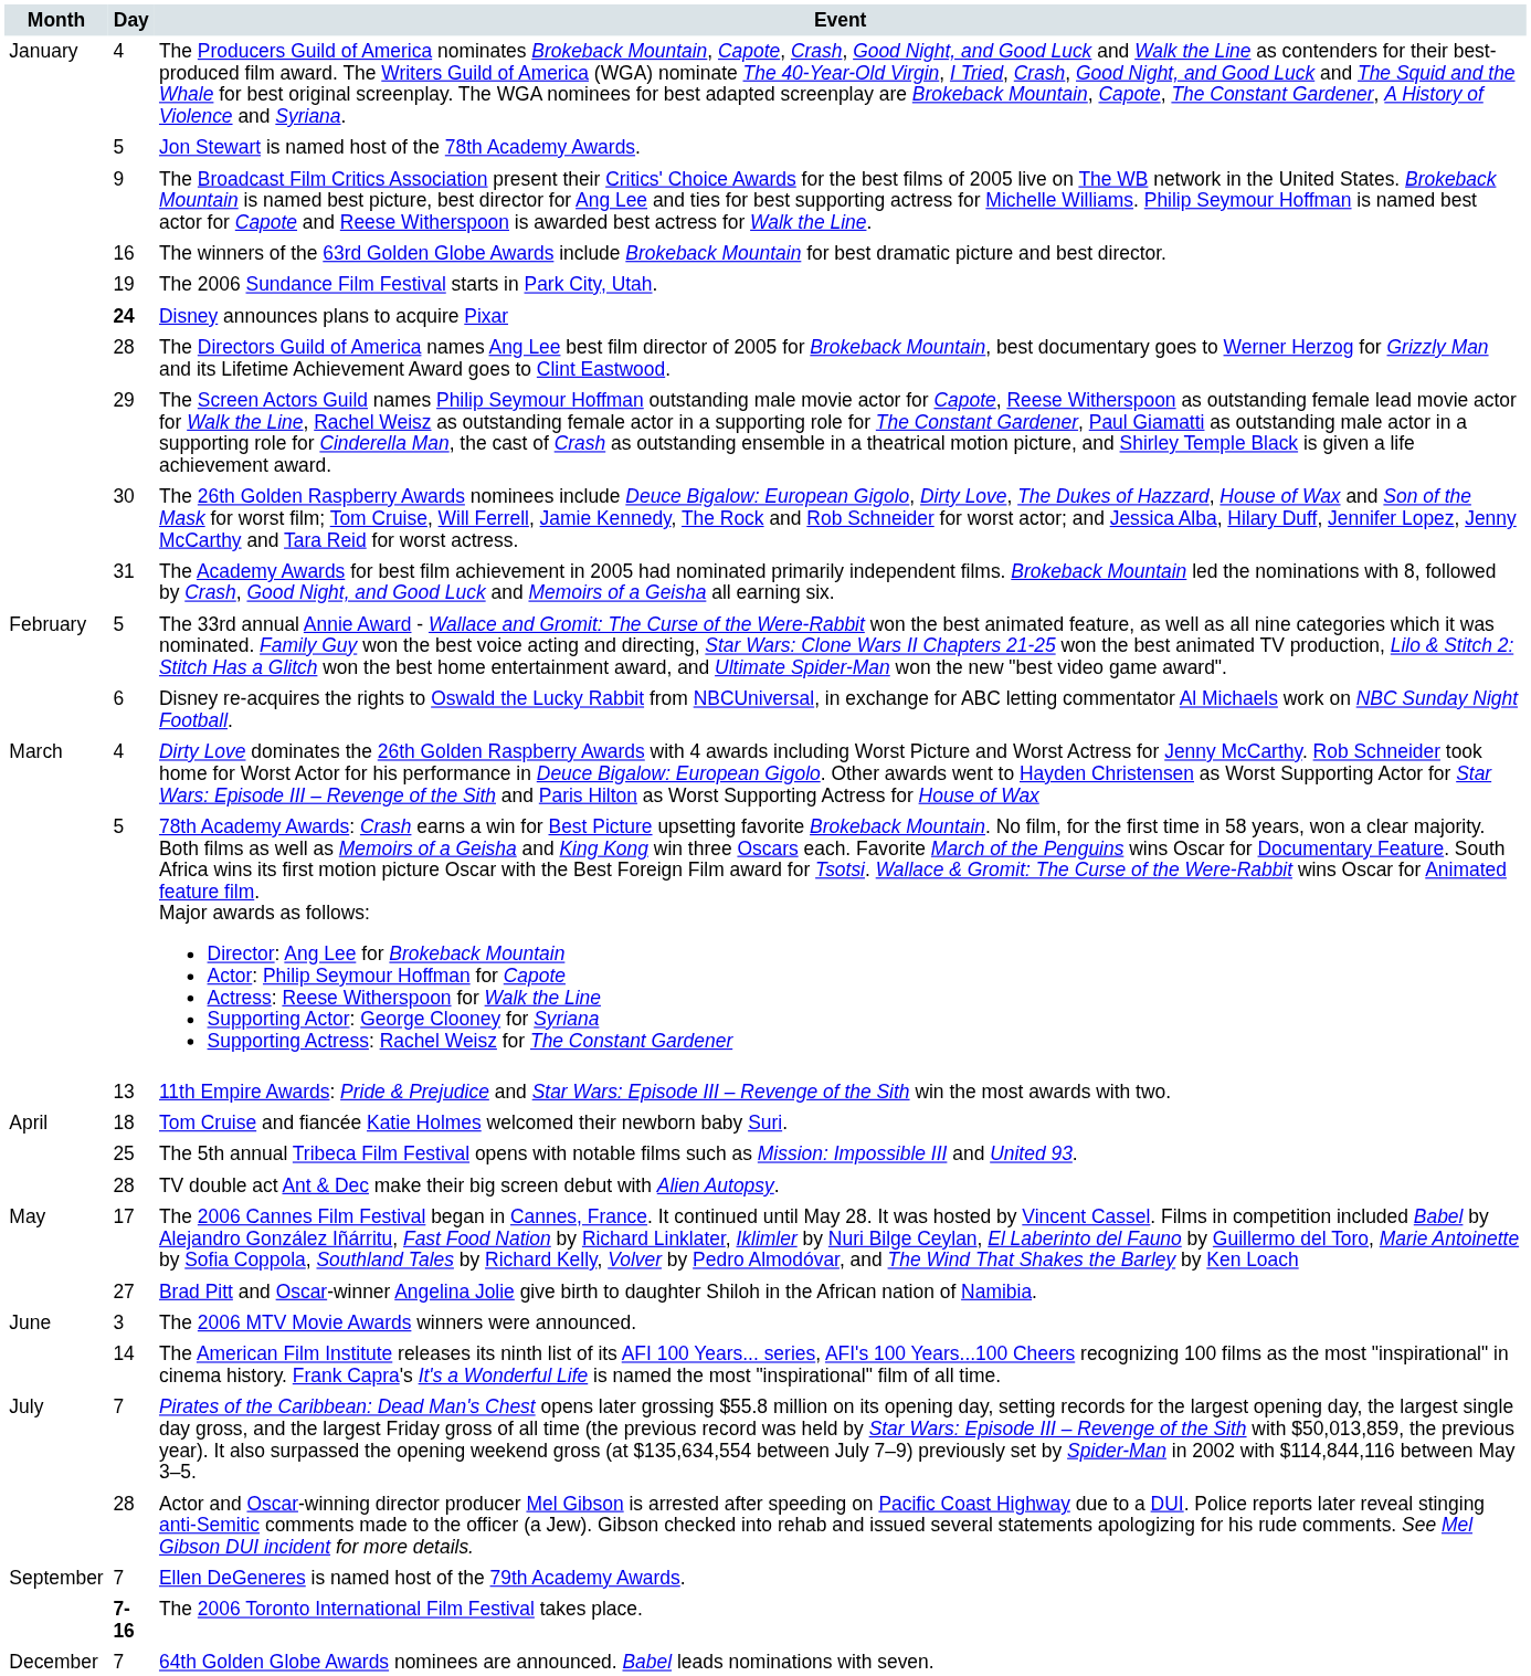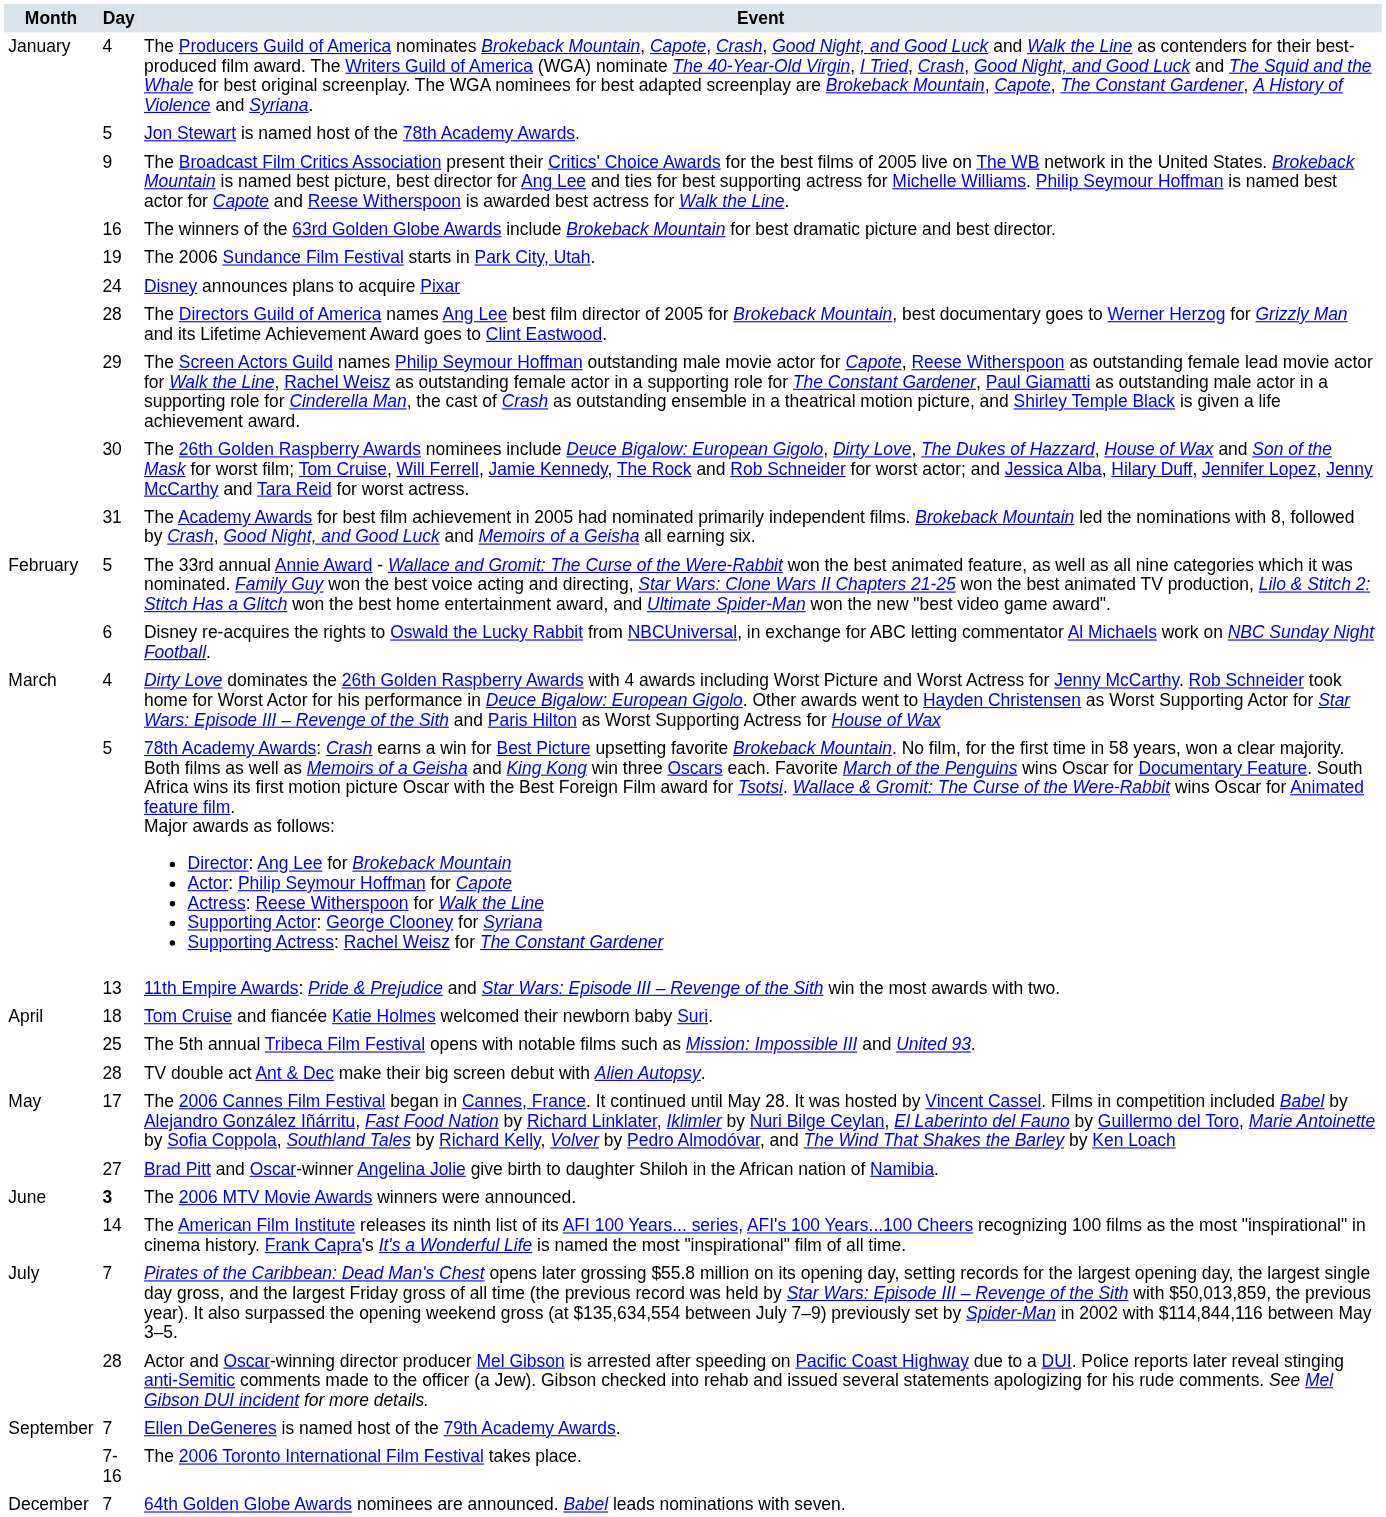 <table cellspacing="0" cellpadding="4" border="0">
 <tr style="background:#dae3e7; text-align:center;">
 <td><strong>Month</strong></td>
 <td><strong>Day</strong></td>
 <td><strong>Event</strong></td>
 </tr>
 <tr valign="top">
 <td rowspan="10">January</td>
 <td>4</td>
 <td>The <a href='#'>Producers Guild of America</a> nominates <em><a href='#'>Brokeback Mountain</a></em>, <em><a href='#'>Capote</a></em>, <em><a href='#'>Crash</a></em>, <em><a href='#'>Good Night, and Good Luck</a></em> and <em><a href='#'>Walk the Line</a></em> as contenders for their best-produced film award. The <a href='#'>Writers Guild of America</a> (WGA) nominate <em><a href='#'>The 40-Year-Old Virgin</a></em>, <em><a href='#'>I Tried</a></em>, <em><a href='#'>Crash</a></em>, <em><a href='#'>Good Night, and Good Luck</a></em> and <em><a href='#'>The Squid and the Whale</a></em> for best original screenplay. The WGA nominees for best adapted screenplay are <em><a href='#'>Brokeback Mountain</a></em>, <em><a href='#'>Capote</a></em>, <em><a href='#'>The Constant Gardener</a></em>, <em><a href='#'>A History of Violence</a></em> and <em><a href='#'>Syriana</a></em>.</td>
 </tr>
 <tr valign="top">
 <td>5</td>
 <td><a href='#'>Jon Stewart</a> is named host of the <a href='#'>78th Academy Awards</a>.</td>
 </tr>
 <tr valign="top">
 <td>9</td>
 <td>The <a href='#'>Broadcast Film Critics Association</a> present their <a href='#'>Critics' Choice Awards</a> for the best films of 2005 live on <a href='#'>The WB</a> network in the United States. <em><a href='#'>Brokeback Mountain</a></em> is named best picture, best director for <a href='#'>Ang Lee</a> and ties for best supporting actress for <a href='#'>Michelle Williams</a>. <a href='#'>Philip Seymour Hoffman</a> is named best actor for <em><a href='#'>Capote</a></em> and <a href='#'>Reese Witherspoon</a> is awarded best actress for <em><a href='#'>Walk the Line</a></em>.</td>
 </tr>
 <tr valign="top">
 <td>16</td>
 <td>The winners of the <a href='#'>63rd Golden Globe Awards</a> include <em><a href='#'>Brokeback Mountain</a></em> for best dramatic picture and best director.</td>
 </tr>
 <tr valign="top">
 <td>19</td>
 <td>The 2006 <a href='#'>Sundance Film Festival</a> starts in <a href='#'>Park City, Utah</a>.</td>
 </tr>
 <tr valign="top">
-<td><strong>24</strong></td>
+<td>24</td>
 <td><a href='#'>Disney</a> announces plans to acquire <a href='#'>Pixar</a></td>
 </tr>
 <tr valign="top">
 <td>28</td>
 <td>The <a href='#'>Directors Guild of America</a> names <a href='#'>Ang Lee</a> best film director of 2005 for <em><a href='#'>Brokeback Mountain</a></em>, best documentary goes to <a href='#'>Werner Herzog</a> for <em><a href='#'>Grizzly Man</a></em> and its Lifetime Achievement Award goes to <a href='#'>Clint Eastwood</a>.</td>
 </tr>
 <tr valign="top">
 <td>29</td>
 <td>The <a href='#'>Screen Actors Guild</a> names <a href='#'>Philip Seymour Hoffman</a> outstanding male movie actor for <em><a href='#'>Capote</a></em>, <a href='#'>Reese Witherspoon</a> as outstanding female lead movie actor for <em><a href='#'>Walk the Line</a></em>, <a href='#'>Rachel Weisz</a> as outstanding female actor in a supporting role for <em><a href='#'>The Constant Gardener</a></em>, <a href='#'>Paul Giamatti</a> as outstanding male actor in a supporting role for <em><a href='#'>Cinderella Man</a></em>, the cast of <em><a href='#'>Crash</a></em> as outstanding ensemble in a theatrical motion picture, and <a href='#'>Shirley Temple Black</a> is given a life achievement award.</td>
 </tr>
 <tr valign="top">
 <td>30</td>
 <td>The <a href='#'>26th Golden Raspberry Awards</a> nominees include <em><a href='#'>Deuce Bigalow: European Gigolo</a></em>, <em><a href='#'>Dirty Love</a></em>, <em><a href='#'>The Dukes of Hazzard</a></em>, <em><a href='#'>House of Wax</a></em> and <em><a href='#'>Son of the Mask</a></em> for worst film; <a href='#'>Tom Cruise</a>, <a href='#'>Will Ferrell</a>, <a href='#'>Jamie Kennedy</a>, <a href='#'>The Rock</a> and <a href='#'>Rob Schneider</a> for worst actor; and <a href='#'>Jessica Alba</a>, <a href='#'>Hilary Duff</a>, <a href='#'>Jennifer Lopez</a>, <a href='#'>Jenny McCarthy</a> and <a href='#'>Tara Reid</a> for worst actress.</td>
 </tr>
 <tr valign="top">
 <td>31</td>
 <td>The <a href='#'>Academy Awards</a> for best film achievement in 2005 had nominated primarily independent films. <em><a href='#'>Brokeback Mountain</a></em> led the nominations with 8, followed by <em><a href='#'>Crash</a></em>, <em><a href='#'>Good Night, and Good Luck</a></em> and <em><a href='#'>Memoirs of a Geisha</a></em> all earning six.</td>
 </tr>
 <tr valign="top">
 <td rowspan="2">February</td>
 <td>5</td>
 <td>The 33rd annual <a href='#'>Annie Award</a> - <em><a href='#'>Wallace and Gromit: The Curse of the Were-Rabbit</a></em> won the best animated feature, as well as all nine categories which it was nominated. <em><a href='#'>Family Guy</a></em> won the best voice acting and directing, <em><a href='#'>Star Wars: Clone Wars II Chapters 21-25</a></em> won the best animated TV production, <em><a href='#'>Lilo & Stitch 2: Stitch Has a Glitch</a></em> won the best home entertainment award, and <em><a href='#'>Ultimate Spider-Man</a></em> won the new "best video game award".</td>
 </tr>
 <tr valign="top">
 <td>6</td>
 <td>Disney re-acquires the rights to <a href='#'>Oswald the Lucky Rabbit</a> from <a href='#'>NBCUniversal</a>, in exchange for ABC letting commentator <a href='#'>Al Michaels</a> work on <em><a href='#'>NBC Sunday Night Football</a></em>.</td>
 </tr>
 <tr valign="top">
 <td rowspan="3">March</td>
 <td>4</td>
 <td><em><a href='#'>Dirty Love</a></em> dominates the <a href='#'>26th Golden Raspberry Awards</a> with 4 awards including Worst Picture and Worst Actress for <a href='#'>Jenny McCarthy</a>. <a href='#'>Rob Schneider</a> took home for Worst Actor for his performance in <em><a href='#'>Deuce Bigalow: European Gigolo</a></em>. Other awards went to <a href='#'>Hayden Christensen</a> as Worst Supporting Actor for <em><a href='#'>Star Wars: Episode III – Revenge of the Sith</a></em> and <a href='#'>Paris Hilton</a> as Worst Supporting Actress for <em><a href='#'>House of Wax</a></em></td>
 </tr>
 <tr valign="top">
 <td>5</td>
 <td><a href='#'>78th Academy Awards</a>: <em><a href='#'>Crash</a></em> earns a win for <a href='#'>Best Picture</a> upsetting favorite <em><a href='#'>Brokeback Mountain</a></em>. No film, for the first time in 58 years, won a clear majority. Both films as well as <em><a href='#'>Memoirs of a Geisha</a></em> and <em><a href='#'>King Kong</a></em> win three <a href='#'>Oscars</a> each. Favorite <em><a href='#'>March of the Penguins</a></em> wins Oscar for <a href='#'>Documentary Feature</a>. South Africa wins its first motion picture Oscar with the Best Foreign Film award for <em><a href='#'>Tsotsi</a></em>. <em><a href='#'>Wallace & Gromit: The Curse of the Were-Rabbit</a></em> wins Oscar for <a href='#'>Animated feature film</a>.<br>Major awards as follows:<ul><li><a href='#'>Director</a>: <a href='#'>Ang Lee</a> for <em><a href='#'>Brokeback Mountain</a></em></li><li><a href='#'>Actor</a>: <a href='#'>Philip Seymour Hoffman</a> for <em><a href='#'>Capote</a></em></li><li><a href='#'>Actress</a>: <a href='#'>Reese Witherspoon</a> for <em><a href='#'>Walk the Line</a></em></li><li><a href='#'>Supporting Actor</a>: <a href='#'>George Clooney</a> for <em><a href='#'>Syriana</a></em></li><li><a href='#'>Supporting Actress</a>: <a href='#'>Rachel Weisz</a> for <em><a href='#'>The Constant Gardener</a></em></li></ul></td>
 </tr>
 <tr valign="top">
 <td>13</td>
 <td><a href='#'>11th Empire Awards</a>: <em><a href='#'>Pride & Prejudice</a></em> and <em><a href='#'>Star Wars: Episode III – Revenge of the Sith</a></em> win the most awards with two.</td>
 </tr>
 <tr valign="top">
 <td rowspan="3">April</td>
 <td>18</td>
 <td><a href='#'>Tom Cruise</a> and fiancée <a href='#'>Katie Holmes</a> welcomed their newborn baby <a href='#'>Suri</a>.</td>
 </tr>
 <tr valign="top">
 <td>25</td>
 <td>The 5th annual <a href='#'>Tribeca Film Festival</a> opens with notable films such as <em><a href='#'>Mission: Impossible III</a></em> and <em><a href='#'>United 93</a></em>.</td>
 </tr>
 <tr valign="top">
 <td>28</td>
 <td>TV double act <a href='#'>Ant & Dec</a> make their big screen debut with <em><a href='#'>Alien Autopsy</a></em>.</td>
 </tr>
 <tr valign="top">
 <td rowspan="2">May</td>
 <td>17</td>
 <td>The <a href='#'>2006 Cannes Film Festival</a> began in <a href='#'>Cannes, France</a>. It continued until May 28. It was hosted by <a href='#'>Vincent Cassel</a>. Films in competition included <em><a href='#'>Babel</a></em> by <a href='#'>Alejandro González Iñárritu</a>, <em><a href='#'>Fast Food Nation</a></em> by <a href='#'>Richard Linklater</a>, <em><a href='#'>Iklimler</a></em> by <a href='#'>Nuri Bilge Ceylan</a>, <em><a href='#'>El Laberinto del Fauno</a></em> by <a href='#'>Guillermo del Toro</a>, <em><a href='#'>Marie Antoinette</a></em> by <a href='#'>Sofia Coppola</a>, <em><a href='#'>Southland Tales</a></em> by <a href='#'>Richard Kelly</a>, <em><a href='#'>Volver</a></em> by <a href='#'>Pedro Almodóvar</a>, and <em><a href='#'>The Wind That Shakes the Barley</a></em> by <a href='#'>Ken Loach</a></td>
 </tr>
 <tr valign="top">
 <td>27</td>
 <td><a href='#'>Brad Pitt</a> and <a href='#'>Oscar</a>-winner <a href='#'>Angelina Jolie</a> give birth to daughter Shiloh in the African nation of <a href='#'>Namibia</a>.</td>
 </tr>
 <tr valign="top">
 <td rowspan="2">June</td>
-<td>3</td>
+<td><strong>3</strong></td>
 <td>The <a href='#'>2006 MTV Movie Awards</a> winners were announced.</td>
 </tr>
 <tr valign="top">
 <td>14</td>
 <td>The <a href='#'>American Film Institute</a> releases its ninth list of its <a href='#'>AFI 100 Years... series</a>, <a href='#'>AFI's 100 Years...100 Cheers</a> recognizing 100 films as the most "inspirational" in cinema history. <a href='#'>Frank Capra</a>'s<em> <a href='#'>It's a Wonderful Life</a></em> is named the most "inspirational" film of all time.</td>
 </tr>
 <tr valign="top">
 <td rowspan="2">July</td>
 <td>7</td>
 <td><em><a href='#'>Pirates of the Caribbean: Dead Man's Chest</a></em> opens later grossing $55.8 million on its opening day, setting records for the largest opening day, the largest single day gross, and the largest Friday gross of all time (the previous record was held by <em><a href='#'>Star Wars: Episode III – Revenge of the Sith</a></em> with $50,013,859, the previous year). It also surpassed the opening weekend gross (at $135,634,554 between July 7–9) previously set by <em><a href='#'>Spider-Man</a></em> in 2002 with $114,844,116 between May 3–5.</td>
 </tr>
 <tr valign="top">
 <td>28</td>
 <td>Actor and <a href='#'>Oscar</a>-winning director producer <a href='#'>Mel Gibson</a> is arrested after speeding on <a href='#'>Pacific Coast Highway</a> due to a <a href='#'>DUI</a>. Police reports later reveal stinging <a href='#'>anti-Semitic</a> comments made to the officer (a Jew). Gibson checked into rehab and issued several statements apologizing for his rude comments. <em>See <a href='#'>Mel Gibson DUI incident</a> for more details.</em></td>
 </tr>
 <tr valign="top">
 <td rowspan="2">September</td>
 <td>7</td>
 <td><a href='#'>Ellen DeGeneres</a> is named host of the <a href='#'>79th Academy Awards</a>.</td>
 </tr>
 <tr valign="top">
-<td><strong>7-16</strong></td>
+<td>7-16</td>
 <td>The <a href='#'>2006 Toronto International Film Festival</a> takes place.</td>
 </tr>
 <tr valign="top">
 <td>December</td>
 <td>7</td>
 <td><a href='#'>64th Golden Globe Awards</a> nominees are announced. <em><a href='#'>Babel</a></em> leads nominations with seven.</td>
 </tr>
 </table>
